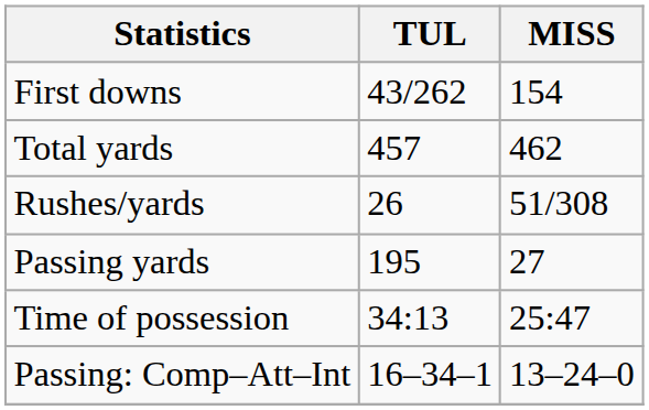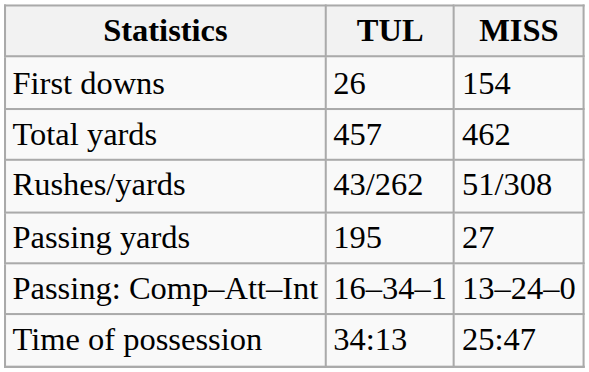 <table class="wikitable" style="float: left;">
 <tr>
 <th>Statistics</th>
 <th>TUL</th>
 <th>MISS</th>
 </tr>
 <tr>
 <td>First downs</td>
-<td>43/262</td>
+<td>26</td>
 <td>154</td>
 </tr>
 <tr>
 <td>Total yards</td>
 <td>457</td>
 <td>462</td>
 </tr>
 <tr>
 <td>Rushes/yards</td>
-<td>26</td>
+<td>43/262</td>
 <td>51/308</td>
 </tr>
 <tr>
 <td>Passing yards</td>
 <td>195</td>
 <td>27</td>
 </tr>
 <tr>
+<td>Passing: Comp–Att–Int</td>
+<td>16–34–1</td>
+<td>13–24–0</td>
+</tr>
+<tr>
 <td>Time of possession</td>
 <td>34:13</td>
 <td>25:47</td>
 </tr>
 <tr>
-<td>Passing: Comp–Att–Int</td>
-<td>16–34–1</td>
-<td>13–24–0</td>
-</tr>
-<tr>
 </tr>
 </table>
